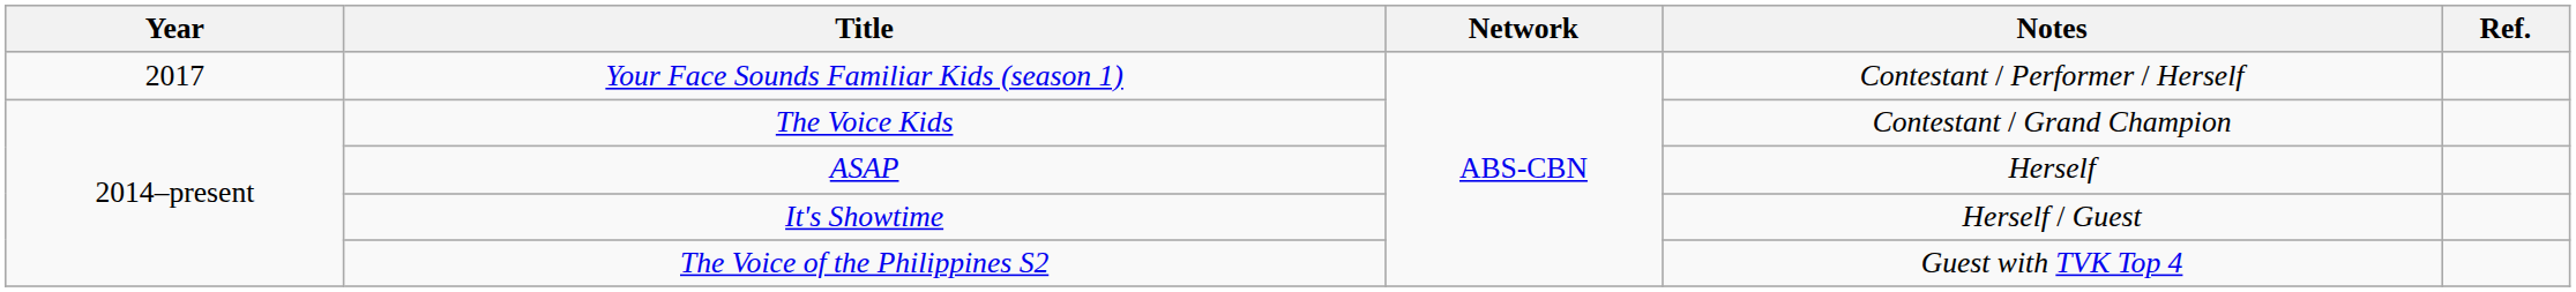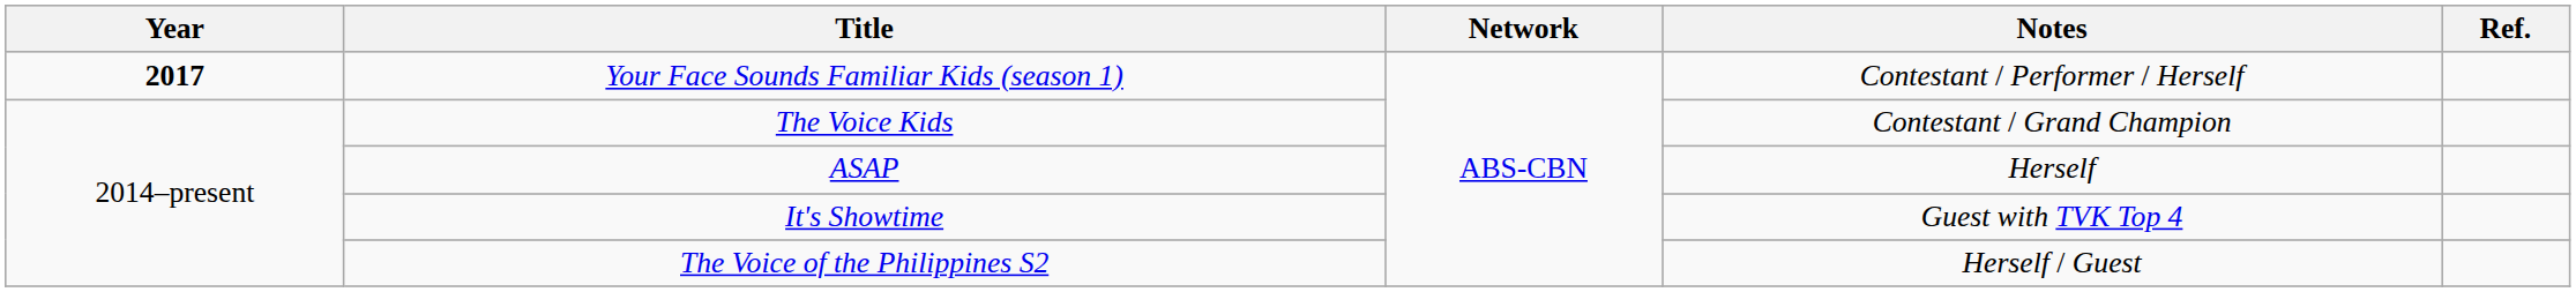 <table class="wikitable" style="text-align:center" width=70%>
 <tr>
 <th>Year</th>
 <th>Title</th>
 <th>Network</th>
 <th>Notes</th>
 <th>Ref.</th>
 </tr>
 <tr>
-<td rowspan=1>2017</td>
+<td rowspan=1><strong>2017</strong></td>
 <td><em><a href='#'>Your Face Sounds Familiar Kids (season 1)</a></em></td>
 <td rowspan=5><a href='#'>ABS-CBN</a></td>
 <td><em>Contestant</em> / <em>Performer</em> / <em>Herself</em></td>
 <td></td>
 </tr>
 <tr>
 <td rowspan=4>2014–present</td>
 <td><em><a href='#'>The Voice Kids</a> </em></td>
 <td><em>Contestant</em> / <em>Grand Champion</em></td>
 <td></td>
 </tr>
 <tr>
 <td><em><a href='#'>ASAP</a></em></td>
 <td><em>Herself</em></td>
 <td></td>
 </tr>
 <tr>
 <td><em><a href='#'>It's Showtime</a></em></td>
-<td><em>Herself</em> / <em>Guest</em></td>
+<td><em>Guest with <a href='#'>TVK Top 4</a></em></td>
 <td></td>
 </tr>
 <tr>
 <td><em><a href='#'>The Voice of the Philippines S2</a></em></td>
-<td><em>Guest with <a href='#'>TVK Top 4</a></em></td>
+<td><em>Herself</em> / <em>Guest</em></td>
 <td></td>
 </tr>
 </table>
